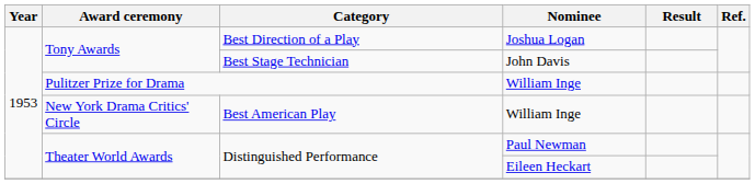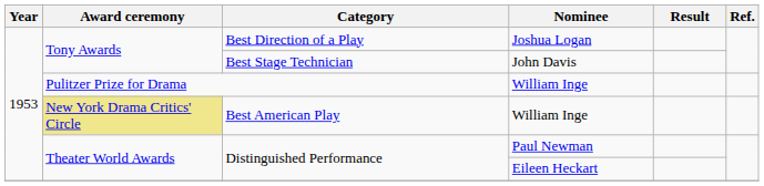 <table class="wikitable" width="95%">
 <tr>
 <th width="5%">Year</th>
 <th width="25%">Award ceremony</th>
 <th width="40%">Category</th>
 <th width="20%">Nominee</th>
 <th width="10%">Result</th>
 <th class=unsortable>Ref.</th>
 </tr>
 <tr>
 <td rowspan="6" align="center">1953</td>
 <td rowspan=2><a href='#'>Tony Awards</a></td>
 <td><a href='#'>Best Direction of a Play</a></td>
 <td><a href='#'>Joshua Logan</a></td>
 <td></td>
 <td rowspan=2></td>
 </tr>
 <tr>
 <td><a href='#'>Best Stage Technician</a></td>
 <td>John Davis</td>
 <td></td>
 </tr>
 <tr>
 <td colspan=2><a href='#'>Pulitzer Prize for Drama</a></td>
 <td><a href='#'>William Inge</a></td>
 <td></td>
 <td></td>
 </tr>
 <tr>
-<td><a href='#'>New York Drama Critics' Circle</a></td>
+<td style="background: khaki;"><a href='#'>New York Drama Critics' Circle</a></td>
 <td><a href='#'>Best American Play</a></td>
 <td>William Inge</td>
 <td></td>
 </tr>
 <tr>
 <td rowspan=2><a href='#'>Theater World Awards</a></td>
 <td rowspan=2>Distinguished Performance</td>
 <td><a href='#'>Paul Newman</a></td>
 <td></td>
 <td rowspan=2></td>
 </tr>
 <tr>
 <td><a href='#'>Eileen Heckart</a></td>
 <td></td>
 </tr>
 <tr>
 </tr>
 </table>
